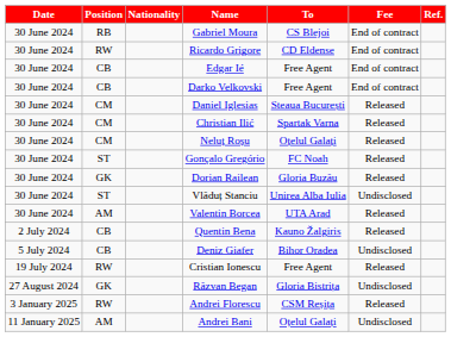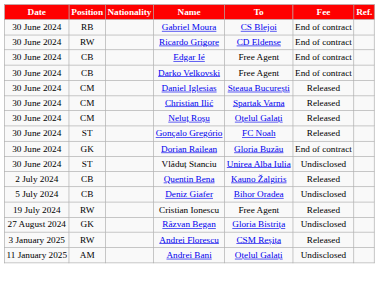 <table class="wikitable"  style="text-align:center; font-size:90%; ">
 <tr>
 <th style="background:red;color:white;">Date</th>
 <th style="background:red;color:white;">Position</th>
 <th style="background:red;color:white;">Nationality</th>
 <th style="background:red;color:white;">Name</th>
 <th style="background:red;color:white;">To</th>
 <th style="background:red;color:white;">Fee</th>
 <th style="background:red;color:white;">Ref.</th>
 </tr>
 <tr>
 <td>30 June 2024</td>
 <td>RB</td>
 <td></td>
 <td><a href='#'>Gabriel Moura</a></td>
 <td><a href='#'>CS Blejoi</a></td>
 <td>End of contract</td>
 <td></td>
 </tr>
 <tr>
 <td>30 June 2024</td>
 <td>RW</td>
 <td></td>
 <td><a href='#'>Ricardo Grigore</a></td>
 <td> <a href='#'>CD Eldense</a></td>
 <td>End of contract</td>
 <td></td>
 </tr>
 <tr>
 <td>30 June 2024</td>
 <td>CB</td>
 <td></td>
 <td><a href='#'>Edgar Ié</a></td>
 <td>Free Agent</td>
 <td>End of contract</td>
 <td></td>
 </tr>
 <tr>
 <td>30 June 2024</td>
 <td>CB</td>
 <td></td>
 <td><a href='#'>Darko Velkovski</a></td>
 <td>Free Agent</td>
 <td>End of contract</td>
 <td></td>
 </tr>
 <tr>
 <td>30 June 2024</td>
 <td>CM</td>
 <td></td>
 <td><a href='#'>Daniel Iglesias</a></td>
 <td><a href='#'>Steaua București</a></td>
 <td>Released</td>
 <td></td>
 </tr>
 <tr>
 <td>30 June 2024</td>
 <td>CM</td>
 <td></td>
 <td><a href='#'>Christian Ilić</a></td>
 <td> <a href='#'>Spartak Varna</a></td>
 <td>Released</td>
 <td></td>
 </tr>
 <tr>
 <td>30 June 2024</td>
 <td>CM</td>
 <td></td>
 <td><a href='#'>Neluț Roșu</a></td>
 <td><a href='#'>Oțelul Galați</a></td>
 <td>Released</td>
 <td></td>
 </tr>
 <tr>
 <td>30 June 2024</td>
 <td>ST</td>
 <td></td>
 <td><a href='#'>Gonçalo Gregório</a></td>
 <td> <a href='#'>FC Noah</a></td>
 <td>Released</td>
 <td></td>
 </tr>
 <tr>
 <td>30 June 2024</td>
 <td>GK</td>
 <td></td>
 <td><a href='#'>Dorian Railean</a></td>
 <td><a href='#'>Gloria Buzău</a></td>
-<td>Released</td>
+<td>End of contract</td>
 <td></td>
 </tr>
 <tr>
 <td>30 June 2024</td>
 <td>ST</td>
 <td></td>
 <td>Vlăduț Stanciu</td>
 <td><a href='#'>Unirea Alba Iulia</a></td>
 <td>Undisclosed</td>
-<td></td>
-</tr>
-<tr>
-<td>30 June 2024</td>
-<td>AM</td>
-<td></td>
-<td><a href='#'>Valentin Borcea</a></td>
-<td><a href='#'>UTA Arad</a></td>
-<td>Released</td>
 <td></td>
 </tr>
 <tr>
 <td>2 July 2024</td>
 <td>CB</td>
 <td></td>
 <td><a href='#'>Quentin Bena</a></td>
 <td> <a href='#'>Kauno Žalgiris</a></td>
 <td>Released</td>
 <td></td>
 </tr>
 <tr>
 <td>5 July 2024</td>
 <td>CB</td>
 <td></td>
 <td><a href='#'>Deniz Giafer</a></td>
 <td><a href='#'>Bihor Oradea</a></td>
 <td>Undisclosed</td>
 <td></td>
 </tr>
 <tr>
 <td>19 July 2024</td>
 <td>RW</td>
 <td></td>
 <td>Cristian Ionescu</td>
 <td>Free Agent</td>
 <td>Released</td>
 <td></td>
 </tr>
 <tr>
 <td>27 August 2024</td>
 <td>GK</td>
 <td></td>
 <td><a href='#'>Răzvan Began</a></td>
 <td><a href='#'>Gloria Bistrița</a></td>
 <td>Undisclosed</td>
 <td></td>
 </tr>
 <tr>
 <td>3 January 2025</td>
 <td>RW</td>
 <td></td>
 <td><a href='#'>Andrei Florescu</a></td>
 <td><a href='#'>CSM Reșița</a></td>
 <td>Released</td>
 <td></td>
 </tr>
 <tr>
 <td>11 January 2025</td>
 <td>AM</td>
 <td></td>
 <td><a href='#'>Andrei Bani</a></td>
 <td><a href='#'>Oțelul Galați</a></td>
 <td>Undisclosed</td>
 <td></td>
 </tr>
 </table>
